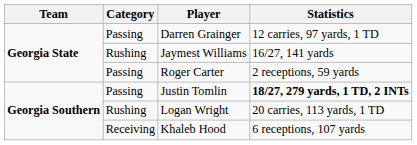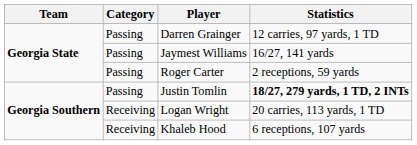 <table class="wikitable" style="float: left;">
 <tr>
 <th>Team</th>
 <th>Category</th>
 <th>Player</th>
 <th>Statistics</th>
 </tr>
 <tr>
 <td rowspan=3><strong>Georgia State</strong></td>
 <td>Passing</td>
 <td>Darren Grainger</td>
 <td>12 carries, 97 yards, 1 TD</td>
 </tr>
 <tr>
-<td>Rushing</td>
+<td>Passing</td>
 <td>Jaymest Williams</td>
 <td>16/27, 141 yards</td>
 </tr>
 <tr>
 <td>Passing</td>
 <td>Roger Carter</td>
 <td>2 receptions, 59 yards</td>
 </tr>
 <tr>
 <td rowspan=3><strong>Georgia Southern</strong></td>
 <td>Passing</td>
 <td>Justin Tomlin</td>
 <td><strong>18/27, 279 yards, 1 TD, 2 INTs</strong></td>
 </tr>
 <tr>
-<td>Rushing</td>
+<td>Receiving</td>
 <td>Logan Wright</td>
 <td>20 carries, 113 yards, 1 TD</td>
 </tr>
 <tr>
 <td>Receiving</td>
 <td>Khaleb Hood</td>
 <td>6 receptions, 107 yards</td>
 </tr>
 </table>
